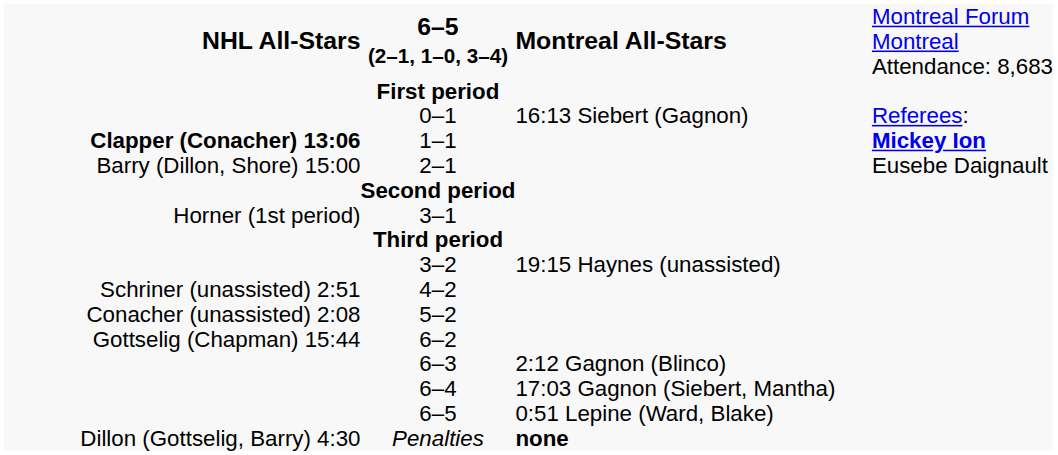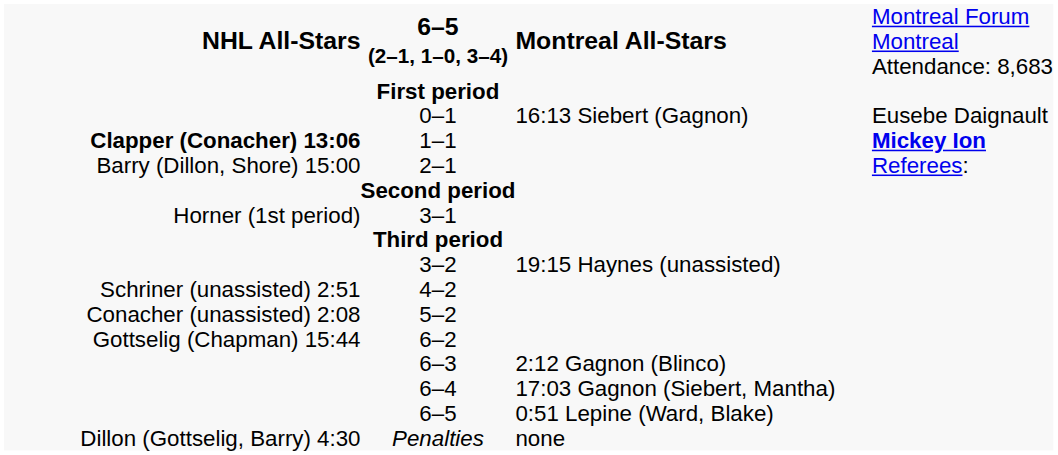 <table cellpadding=0 cellspacing=0 border=0 style="background-color:#F8F8F8">
 <tr>
 <td></td>
 <td align=right width="230"><strong>NHL All-Stars</strong></td>
 <td align=center><strong>6–5<br><small>(2–1, 1–0, 3–4)</small></strong></td>
 <td width="230"><strong>Montreal All-Stars</strong></td>
 <td style=font-size:90%><a href='#'>Montreal Forum</a><br><a href='#'>Montreal</a><br>Attendance: 8,683</td>
 </tr>
 <tr style=font-size:90%>
 <td></td>
 <td></td>
 <td align=center><strong>First period</strong></td>
 </tr>
 <tr style=font-size:90%>
 <td></td>
 <td align=right></td>
 <td align=center>0–1</td>
 <td>16:13 Siebert (Gagnon)</td>
-<td><a href='#'>Referees</a>:</td>
+<td>Eusebe Daignault</td>
 </tr>
 <tr style=font-size:90%>
 <td></td>
 <td align=right><strong>Clapper (Conacher) 13:06</strong></td>
 <td align=center>1–1</td>
 <td></td>
 <td><strong><a href='#'>Mickey Ion</a></strong></td>
 </tr>
 <tr style=font-size:90%>
 <td></td>
 <td align=right>Barry (Dillon, Shore) 15:00</td>
 <td align=center>2–1</td>
 <td></td>
-<td>Eusebe Daignault</td>
+<td><a href='#'>Referees</a>:</td>
 </tr>
 <tr style=font-size:90%>
 <td></td>
 <td></td>
 <td align=center><strong>Second period</strong></td>
 <td></td>
 <td></td>
 </tr>
 <tr style=font-size:90%>
 <td></td>
 <td align=right>Horner (1st period)</td>
 <td align=center>3–1</td>
 <td></td>
 <td></td>
 </tr>
 <tr style=font-size:90%>
 <td></td>
 <td></td>
 <td align=center><strong>Third period</strong></td>
 <td></td>
 <td></td>
 </tr>
 <tr style=font-size:90%>
 <td></td>
 <td align=right></td>
 <td align=center>3–2</td>
 <td>19:15 Haynes (unassisted)</td>
 <td></td>
 </tr>
 <tr style=font-size:90%>
 <td></td>
 <td align=right>Schriner (unassisted) 2:51</td>
 <td align=center>4–2</td>
 <td></td>
 <td></td>
 </tr>
 <tr style=font-size:90%>
 <td></td>
 <td align=right>Conacher (unassisted) 2:08</td>
 <td align=center>5–2</td>
 <td></td>
 <td></td>
 </tr>
 <tr style=font-size:90%>
 <td></td>
 <td align=right>Gottselig (Chapman) 15:44</td>
 <td align=center>6–2</td>
 <td></td>
 <td></td>
 </tr>
 <tr style=font-size:90%>
 <td></td>
 <td align=right></td>
 <td align=center>6–3</td>
 <td>2:12 Gagnon (Blinco)</td>
 <td></td>
 </tr>
 <tr style=font-size:90%>
 <td></td>
 <td align=right></td>
 <td align=center>6–4</td>
 <td>17:03 Gagnon (Siebert, Mantha)</td>
 <td></td>
 </tr>
 <tr style=font-size:90%>
 <td></td>
 <td align=right></td>
 <td align=center>6–5</td>
 <td>0:51 Lepine (Ward, Blake)</td>
 </tr>
 <tr>
 <td></td>
 </tr>
 <tr style=font-size:90%>
 <td></td>
 <td align=right>Dillon (Gottselig, Barry) 4:30</td>
 <td align=center><em>Penalties</em></td>
-<td><strong>none</strong></td>
+<td>none</td>
 <td></td>
 </tr>
 </table>
